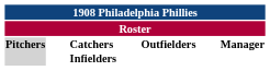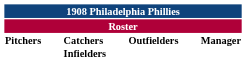 <table class="toccolours" style="font-size: 95%;">
 <tr>
 <th colspan="10" style="background-color: #0f437c; color: white; text-align: center;">1908 Philadelphia Phillies</th>
 </tr>
 <tr>
 <td colspan="10" style="background-color:#af0039; color: white; text-align: center;"><strong>Roster</strong></td>
 </tr>
 <tr>
-<td valign="top" style="background: lightgrey;"><strong>Pitchers</strong><br>         </td>
+<td valign="top"><strong>Pitchers</strong><br>         </td>
 <td width="25px"></td>
 <td valign="top"><strong>Catchers</strong><br>  <strong>Infielders</strong>       </td>
 <td width="25px"></td>
 <td valign="top"><strong>Outfielders</strong><br>       </td>
 <td width="25px"></td>
 <td valign="top"><strong>Manager</strong><br></td>
 </tr>
 </table>
